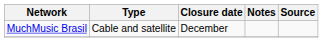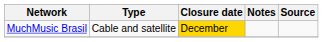 <table class="wikitable sortable">
 <tr>
 <th>Network</th>
 <th>Type</th>
 <th>Closure date</th>
 <th>Notes</th>
 <th>Source</th>
 </tr>
 <tr>
 <td><a href='#'>MuchMusic Brasil</a></td>
 <td>Cable and satellite</td>
-<td>December</td>
+<td style="background: gold;">December</td>
 <td></td>
 <td></td>
 </tr>
 <tr>
 </tr>
 </table>
